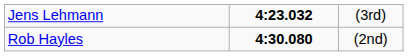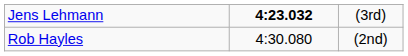 <table class="wikitable" style="text-align:center;">
 <tr>
 <td style="width:15em" align=left><a href='#'>Jens Lehmann</a> </td>
 <td style="width:7em;"><strong>4:23.032</strong></td>
 <td style="width:4em;">(3rd)</td>
 </tr>
 <tr>
 <td align=left><a href='#'>Rob Hayles</a> </td>
-<td><strong>4:30.080</strong></td>
+<td>4:30.080</td>
 <td>(2nd)</td>
 </tr>
 </table>
